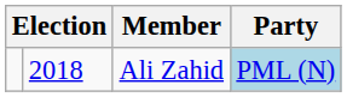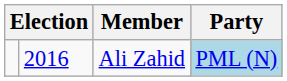 <table class="wikitable">
 <tr>
 <th colspan="2">Election</th>
 <th>Member</th>
 <th>Party</th>
 </tr>
 <tr>
 <td style="background-color: "></td>
-<td><a href='#'>2018</a></td>
+<td><a href='#'>2016</a></td>
 <td><a href='#'>Ali Zahid</a></td>
 <td style="background: lightblue;"><a href='#'>PML (N)</a></td>
 </tr>
 </table>
